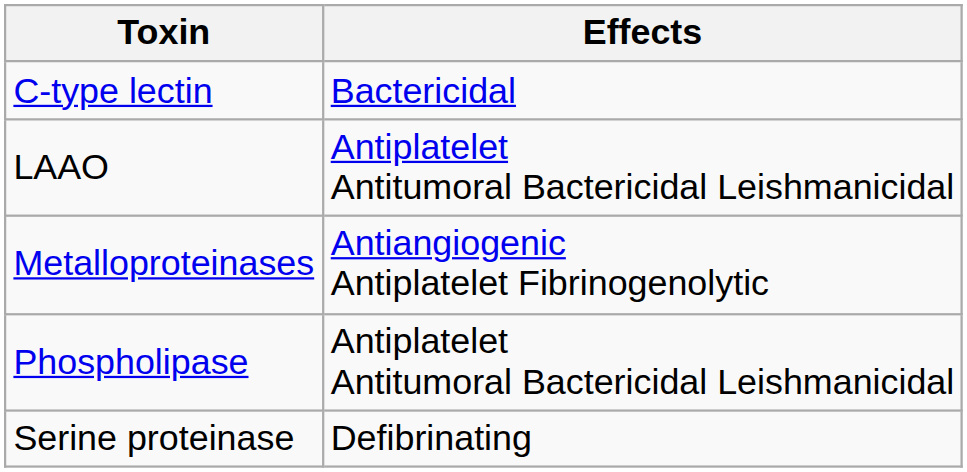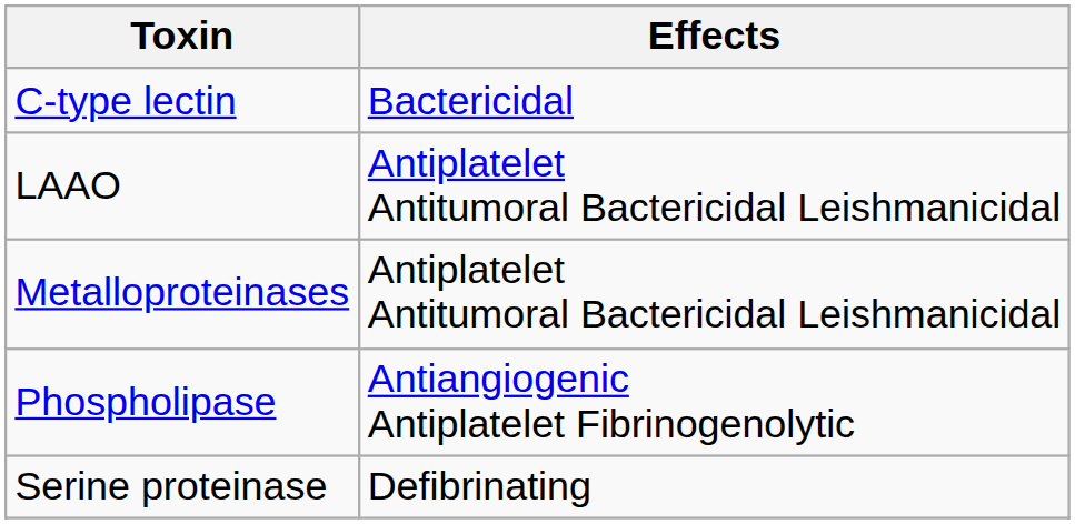 <table class="wikitable">
 <tr>
 <th>Toxin</th>
 <th>Effects</th>
 </tr>
 <tr>
 <td><a href='#'>C-type lectin</a></td>
 <td><a href='#'>Bactericidal</a></td>
 </tr>
 <tr>
 <td>LAAO</td>
 <td><a href='#'>Antiplatelet</a><br>Antitumoral Bactericidal Leishmanicidal</td>
 </tr>
 <tr>
 <td><a href='#'>Metalloproteinases</a></td>
-<td><a href='#'>Antiangiogenic</a><br>Antiplatelet Fibrinogenolytic</td>
+<td>Antiplatelet<br>Antitumoral Bactericidal Leishmanicidal</td>
 </tr>
 <tr>
 <td><a href='#'>Phospholipase</a></td>
-<td>Antiplatelet<br>Antitumoral Bactericidal Leishmanicidal</td>
+<td><a href='#'>Antiangiogenic</a><br>Antiplatelet Fibrinogenolytic</td>
 </tr>
 <tr>
 <td>Serine proteinase</td>
 <td>Defibrinating</td>
 </tr>
 </table>
